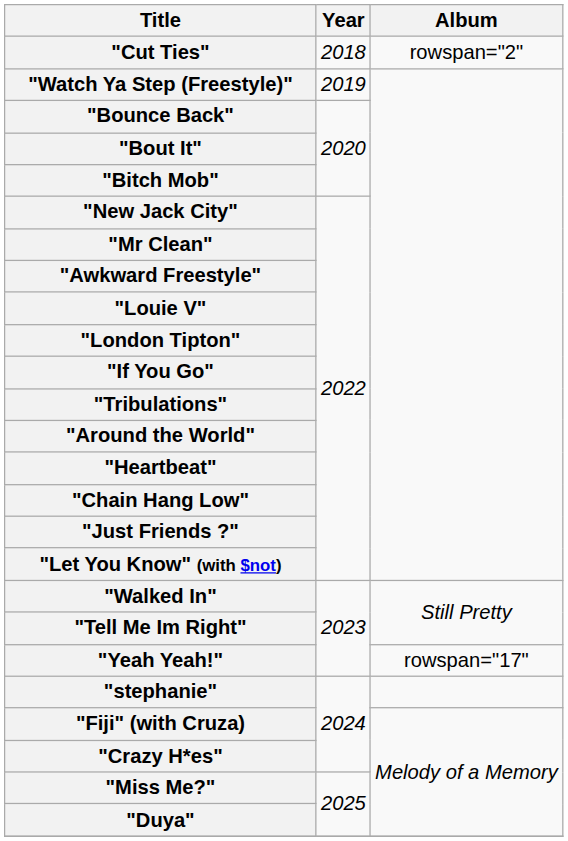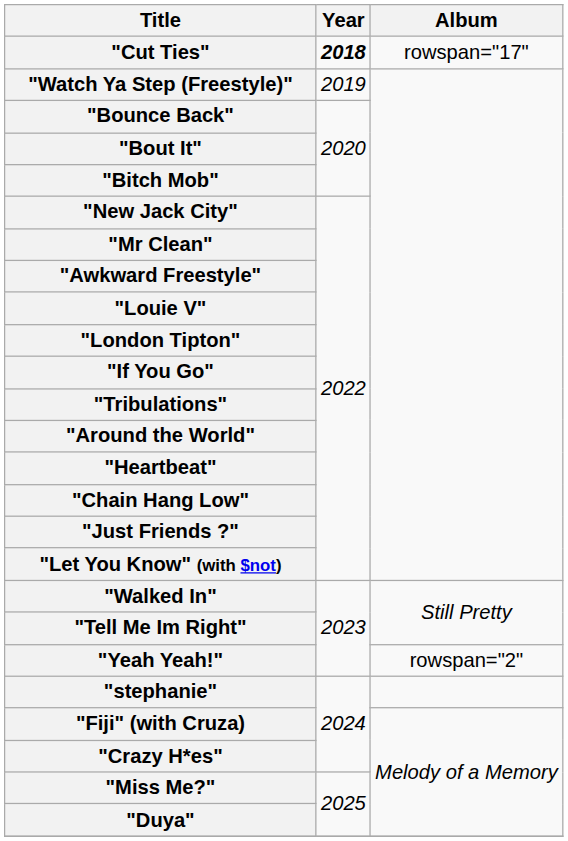 <table class="wikitable plainrowheaders" style="text-align:center;">
 <tr>
 <th scope="col" style="width:15em;">Title</th>
 <th scope="col">Year</th>
 <th scope="col">Album</th>
 </tr>
 <tr>
 <th scope="row">"Cut Ties"</th>
-<td rowspan="1"><em>2018</em></td>
-<td>rowspan="2" </td>
+<td rowspan="1"><strong><em>2018</em></strong></td>
+<td>rowspan="17" </td>
 </tr>
 <tr>
 <th scope="row">"Watch Ya Step (Freestyle)"</th>
 <td rowspan="1"><em>2019</em></td>
 </tr>
 <tr>
 <th scope="row">"Bounce Back"</th>
 <td rowspan="3"><em>2020</em></td>
 </tr>
 <tr>
 <th scope="row">"Bout It"</th>
 </tr>
 <tr>
 <th scope="row">"Bitch Mob"</th>
 </tr>
 <tr>
 <th scope="row">"New Jack City"</th>
 <td rowspan="12"><em>2022</em></td>
 </tr>
 <tr>
 <th scope="row">"Mr Clean"</th>
 </tr>
 <tr>
 <th scope="row">"Awkward Freestyle"</th>
 </tr>
 <tr>
 <th scope="row">"Louie V"</th>
 </tr>
 <tr>
 <th scope="row">"London Tipton"</th>
 </tr>
 <tr>
 <th scope="row">"If You Go"</th>
 </tr>
 <tr>
 <th scope="row">"Tribulations"</th>
 </tr>
 <tr>
 <th scope="row">"Around the World"</th>
 </tr>
 <tr>
 <th scope="row">"Heartbeat"</th>
 </tr>
 <tr>
 <th scope="row">"Chain Hang Low"</th>
 </tr>
 <tr>
 <th scope="row">"Just Friends ?"</th>
 </tr>
 <tr>
 <th scope="row">"Let You Know" <small>(with <a href='#'>$not</a>)</small></th>
 </tr>
 <tr>
 <th scope="row">"Walked In"</th>
 <td rowspan="3"><em>2023</em></td>
 <td rowspan="2"><em>Still Pretty</em></td>
 </tr>
 <tr>
 <th scope="row">"Tell Me Im Right"</th>
 </tr>
 <tr>
 <th scope="row">"Yeah Yeah!"</th>
-<td>rowspan="17" </td>
+<td>rowspan="2" </td>
 </tr>
 <tr>
 <th scope="row">"stephanie"</th>
 <td rowspan="3"><em>2024</em></td>
 </tr>
 <tr>
 <th scope="row">"Fiji" (with Cruza)</th>
 <td rowspan="4"><em>Melody of a Memory</em></td>
 </tr>
 <tr>
 <th scope="row">"Crazy H*es"</th>
 </tr>
 <tr>
 <th scope="row">"Miss Me?"</th>
 <td rowspan="2"><em>2025</em></td>
 </tr>
 <tr>
 <th scope="row">"Duya"</th>
 </tr>
 <tr>
 </tr>
 </table>
